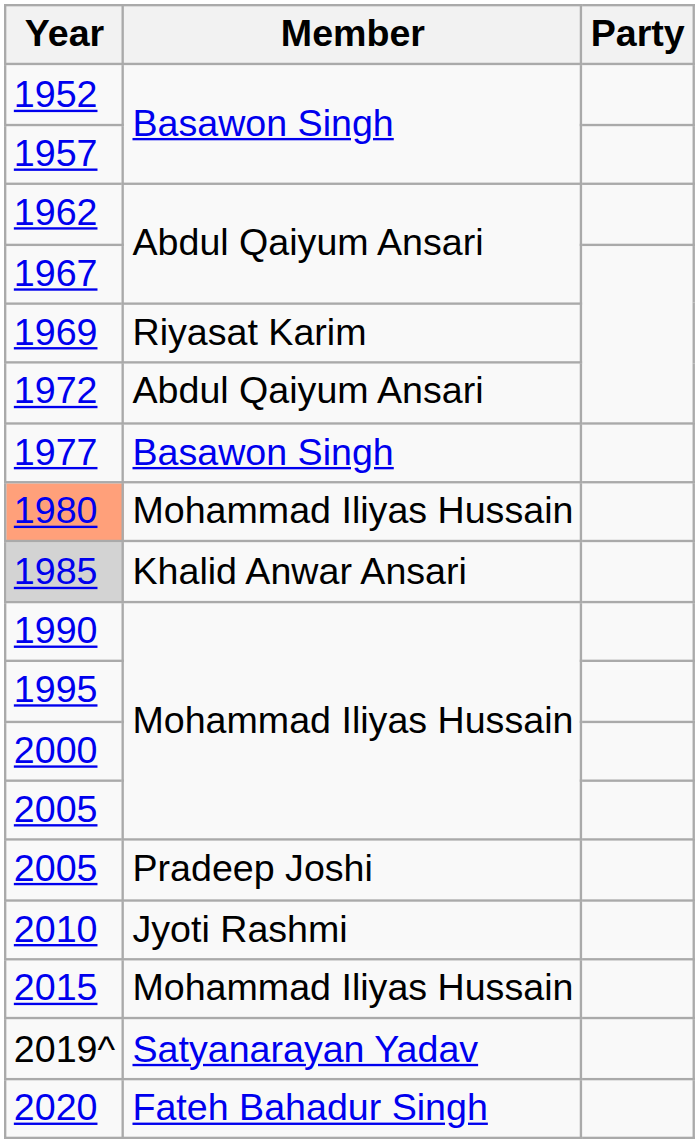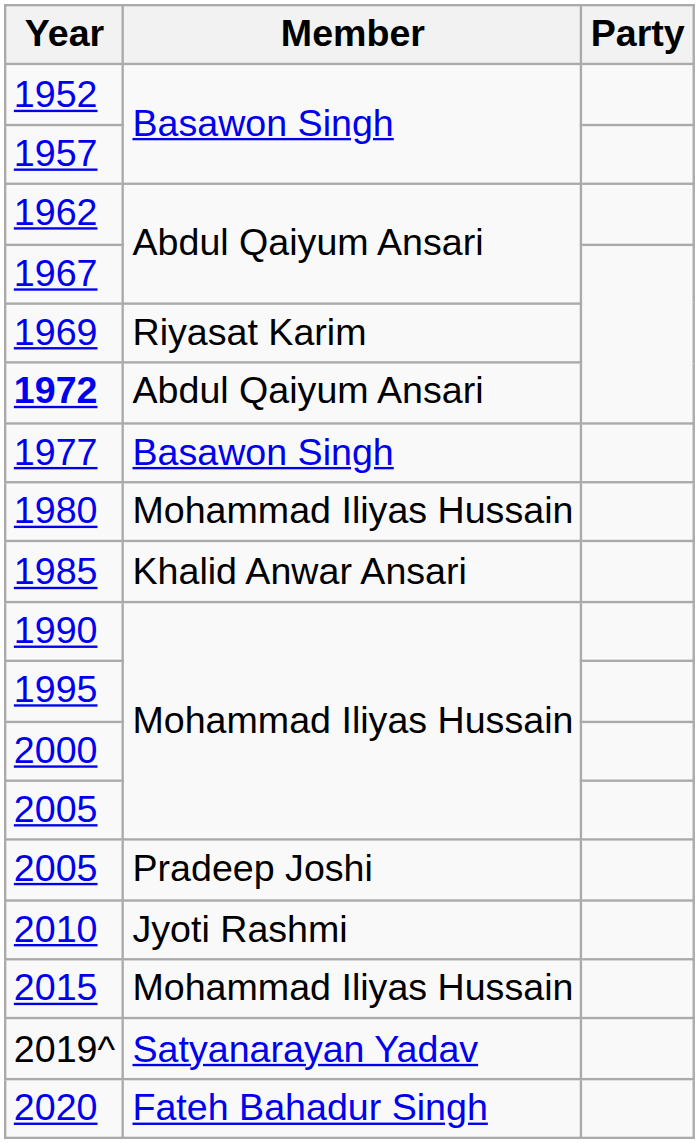 <table class="wikitable sortable">
 <tr>
 <th>Year</th>
 <th>Member</th>
 <th colspan="2">Party</th>
 </tr>
 <tr>
 <td><a href='#'>1952</a></td>
 <td rowspan="2"><a href='#'>Basawon Singh</a></td>
 <td></td>
 </tr>
 <tr>
 <td><a href='#'>1957</a></td>
 <td></td>
 </tr>
 <tr>
 <td><a href='#'>1962</a></td>
 <td rowspan="2">Abdul Qaiyum Ansari</td>
 <td></td>
 </tr>
 <tr>
 <td><a href='#'>1967</a></td>
 </tr>
 <tr>
 <td><a href='#'>1969</a></td>
 <td>Riyasat Karim</td>
 </tr>
 <tr>
-<td><a href='#'>1972</a></td>
+<td><strong><a href='#'>1972</a></strong></td>
 <td>Abdul Qaiyum Ansari</td>
 </tr>
 <tr>
 <td><a href='#'>1977</a></td>
 <td><a href='#'>Basawon Singh</a></td>
 <td></td>
 </tr>
 <tr>
-<td style="background: lightsalmon;"><a href='#'>1980</a></td>
+<td><a href='#'>1980</a></td>
 <td>Mohammad Iliyas Hussain</td>
 <td></td>
 </tr>
 <tr>
-<td style="background: lightgrey;"><a href='#'>1985</a></td>
+<td><a href='#'>1985</a></td>
 <td>Khalid Anwar Ansari</td>
 <td></td>
 </tr>
 <tr>
 <td><a href='#'>1990</a></td>
 <td rowspan="4">Mohammad Iliyas Hussain</td>
 <td></td>
 </tr>
 <tr>
 <td><a href='#'>1995</a></td>
 </tr>
 <tr>
 <td><a href='#'>2000</a></td>
 <td></td>
 </tr>
 <tr>
 <td><a href='#'>2005</a></td>
 </tr>
 <tr>
 <td><a href='#'>2005</a></td>
 <td>Pradeep Joshi</td>
 <td></td>
 </tr>
 <tr>
 <td><a href='#'>2010</a></td>
 <td>Jyoti Rashmi</td>
 </tr>
 <tr>
 <td><a href='#'>2015</a></td>
 <td>Mohammad Iliyas Hussain</td>
 <td></td>
 </tr>
 <tr>
 <td>2019^</td>
 <td><a href='#'>Satyanarayan Yadav</a></td>
 <td></td>
 </tr>
 <tr>
 <td><a href='#'>2020</a></td>
 <td><a href='#'>Fateh Bahadur Singh</a></td>
 <td></td>
 </tr>
 </table>
